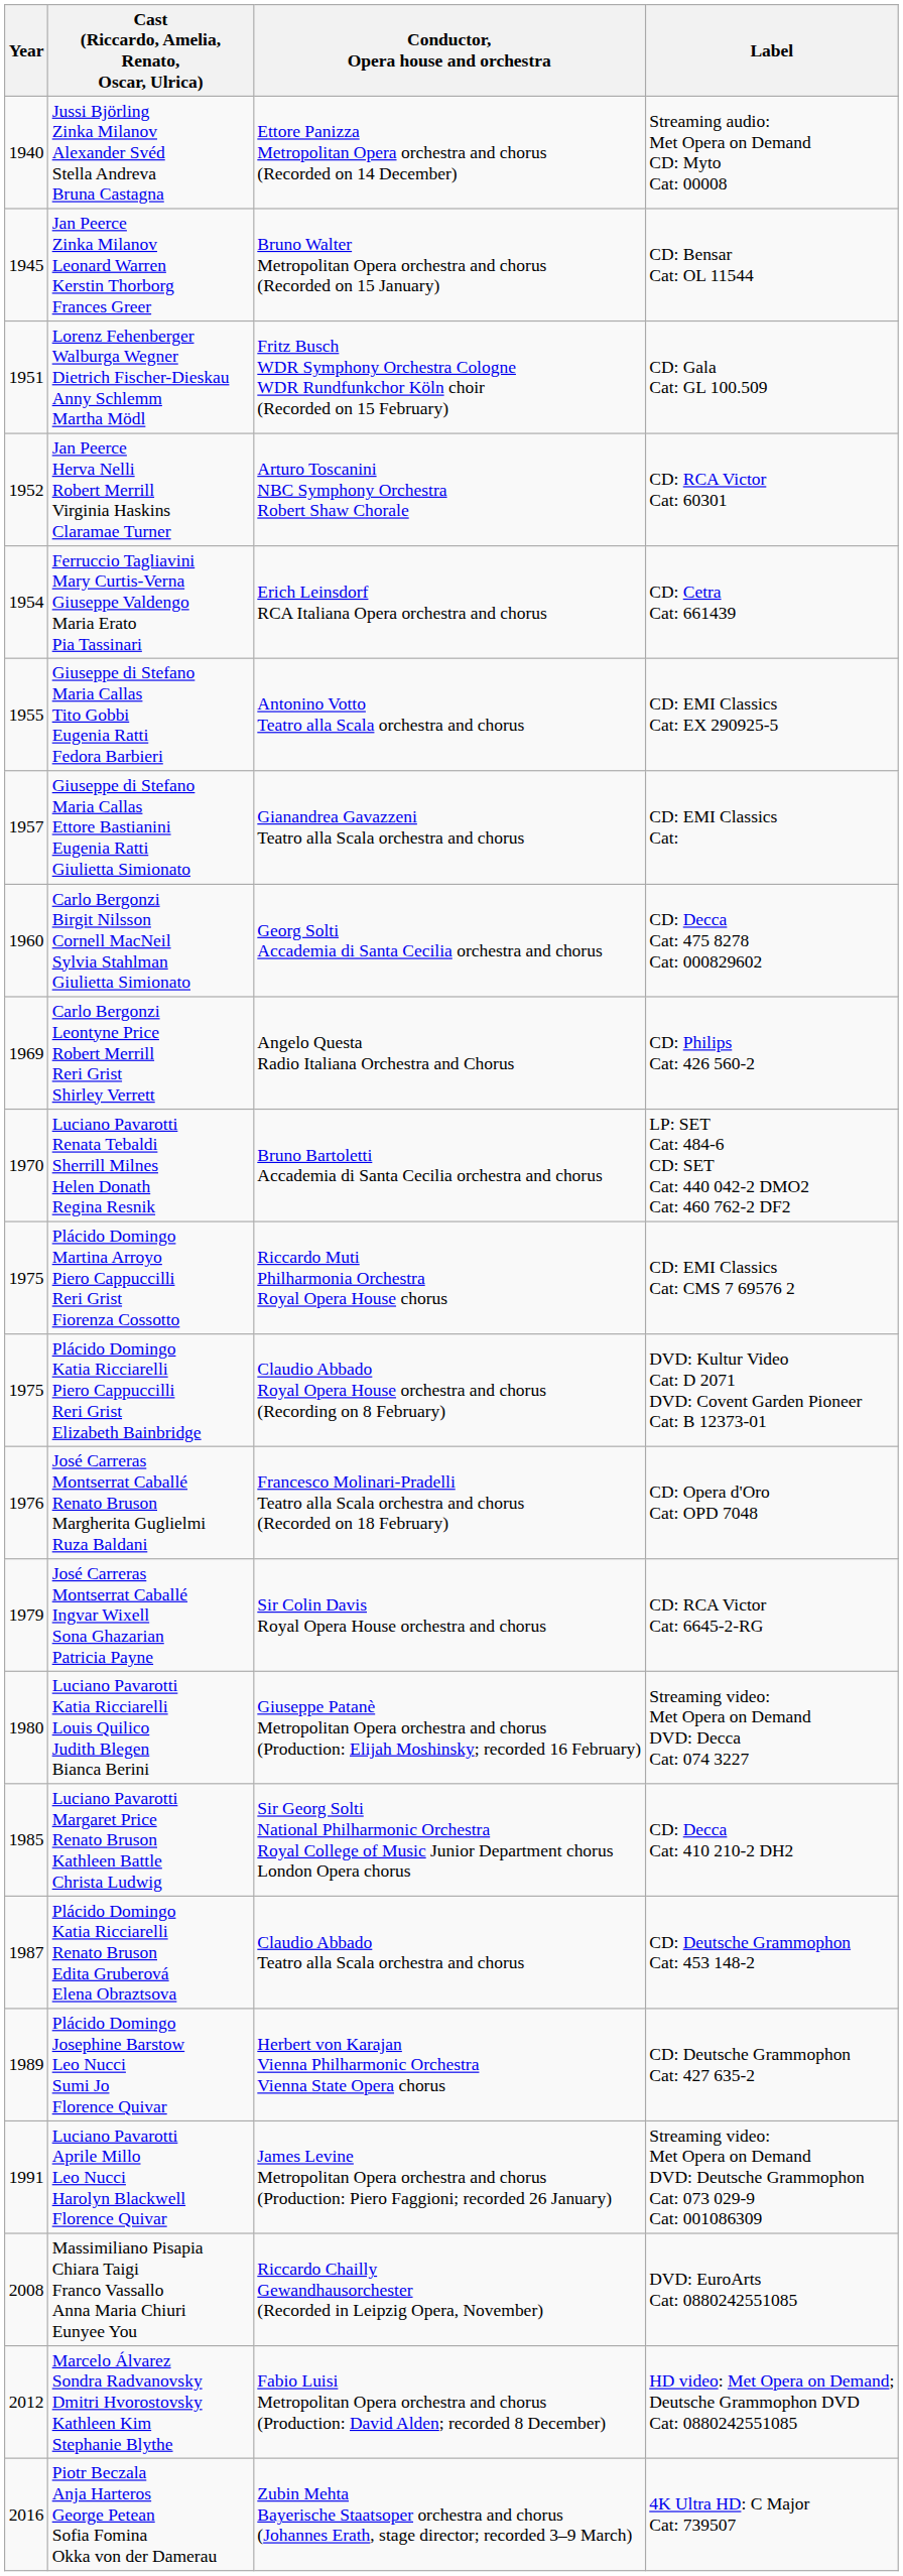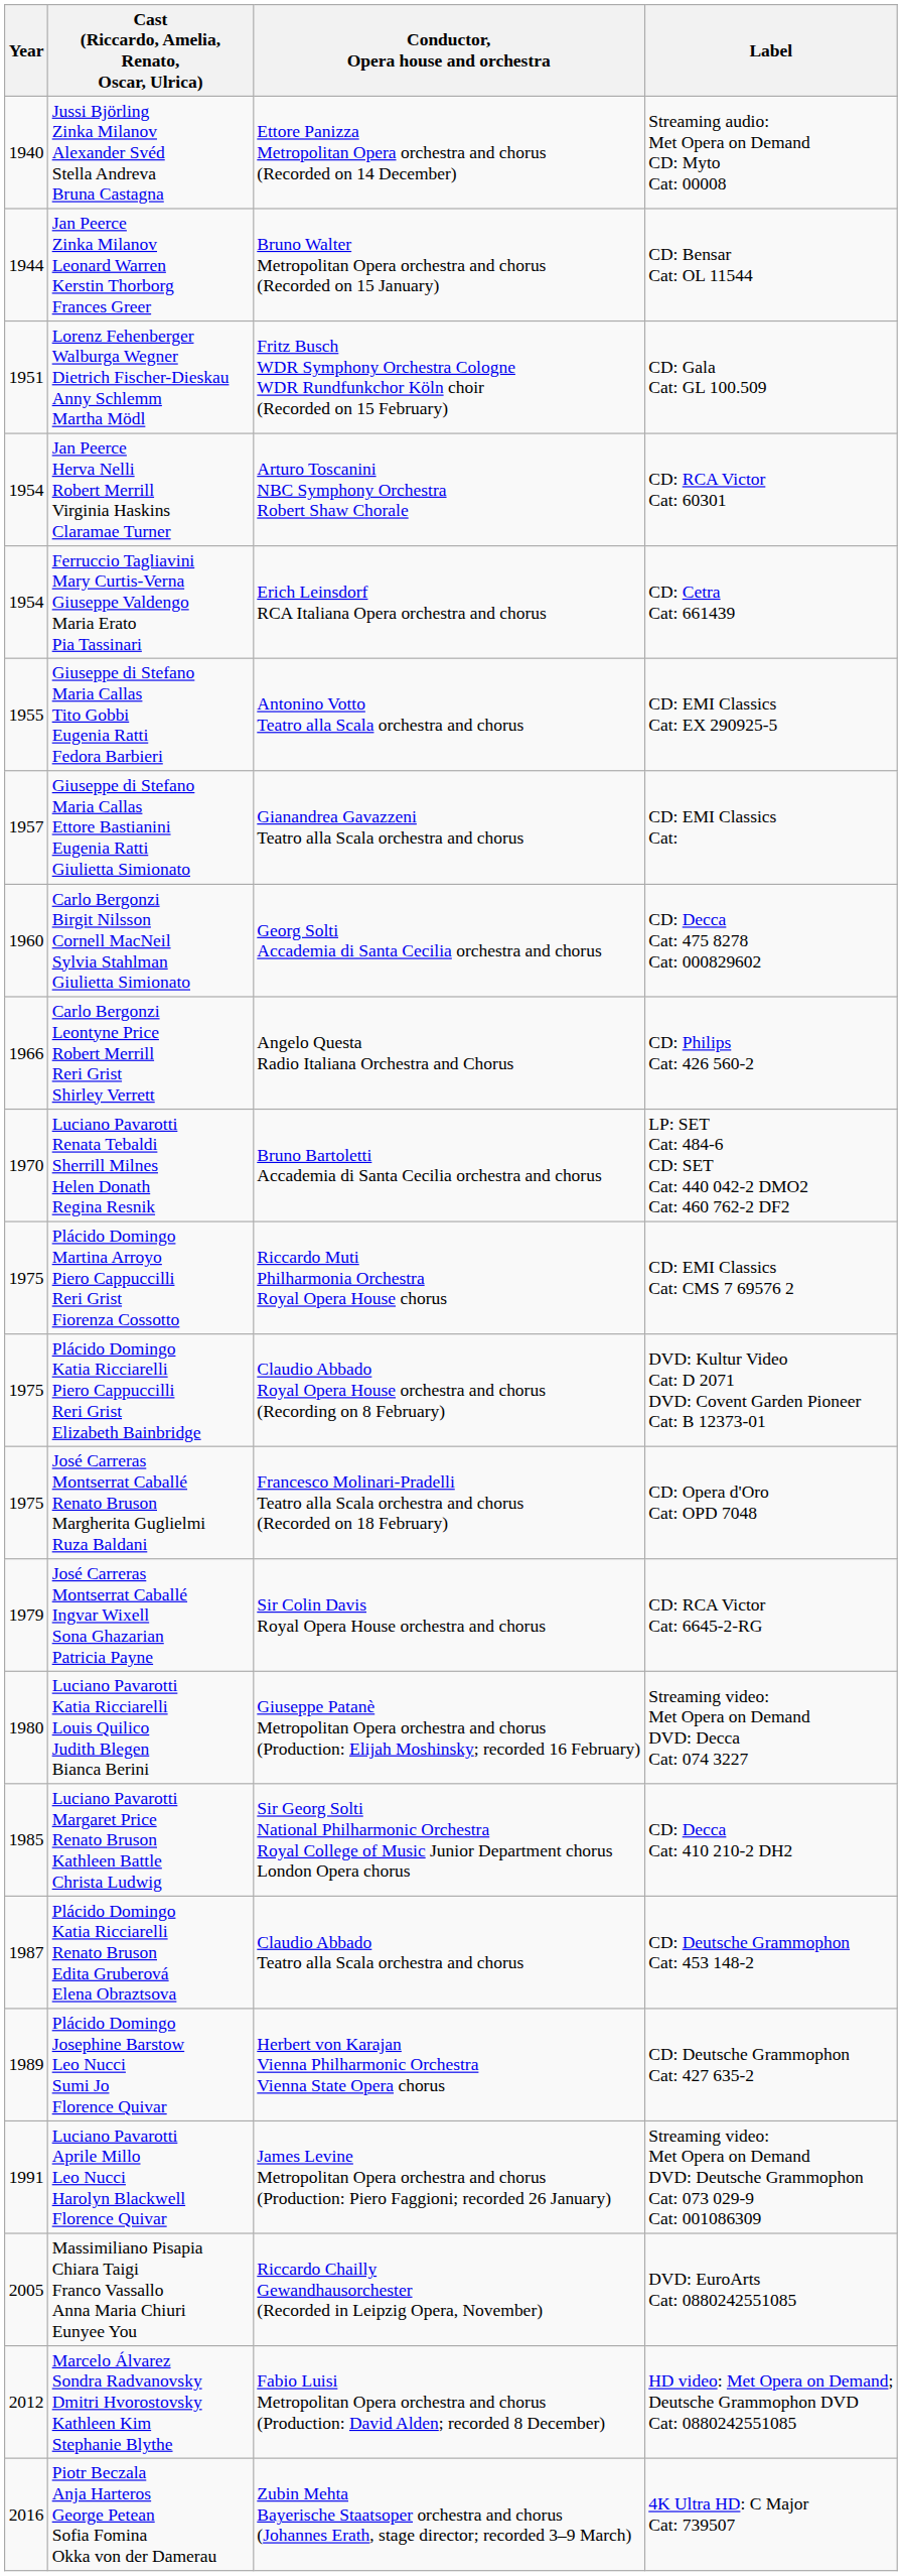 <table class="wikitable" style="font-size:95%;">
 <tr>
 <th>Year</th>
 <th width="170">Cast<br>(Riccardo, Amelia, Renato,<br>Oscar, Ulrica)</th>
 <th>Conductor,<br>Opera house and orchestra</th>
 <th>Label</th>
 </tr>
 <tr>
 <td>1940</td>
 <td><a href='#'>Jussi Björling</a><br><a href='#'>Zinka Milanov</a><br><a href='#'>Alexander Svéd</a><br>Stella Andreva<br><a href='#'>Bruna Castagna</a></td>
 <td><a href='#'>Ettore Panizza</a><br><a href='#'>Metropolitan Opera</a> orchestra and chorus<br>(Recorded on 14 December)</td>
 <td>Streaming audio:<br>Met Opera on Demand<br>CD: Myto<br>Cat: 00008</td>
 </tr>
 <tr>
-<td>1945</td>
+<td>1944</td>
 <td><a href='#'>Jan Peerce</a><br><a href='#'>Zinka Milanov</a><br><a href='#'>Leonard Warren</a><br><a href='#'>Kerstin Thorborg</a><br><a href='#'>Frances Greer</a></td>
 <td><a href='#'>Bruno Walter</a><br>Metropolitan Opera orchestra and chorus<br>(Recorded on 15 January)</td>
 <td>CD: Bensar<br>Cat: OL 11544</td>
 </tr>
 <tr>
 <td>1951</td>
 <td><a href='#'>Lorenz Fehenberger</a><br><a href='#'>Walburga Wegner</a><br><a href='#'>Dietrich Fischer-Dieskau</a><br><a href='#'>Anny Schlemm</a><br><a href='#'>Martha Mödl</a></td>
 <td><a href='#'>Fritz Busch</a><br><a href='#'>WDR Symphony Orchestra Cologne</a><br><a href='#'>WDR Rundfunkchor Köln</a> choir<br>(Recorded on 15 February)</td>
 <td>CD: Gala<br>Cat: GL 100.509</td>
 </tr>
 <tr>
-<td>1952</td>
+<td>1954</td>
 <td><a href='#'>Jan Peerce</a><br><a href='#'>Herva Nelli</a><br><a href='#'>Robert Merrill</a><br>Virginia Haskins<br><a href='#'>Claramae Turner</a></td>
 <td><a href='#'>Arturo Toscanini</a><br><a href='#'>NBC Symphony Orchestra</a><br><a href='#'>Robert Shaw Chorale</a></td>
 <td>CD: <a href='#'>RCA Victor</a><br>Cat: 60301</td>
 </tr>
 <tr>
 <td>1954</td>
 <td><a href='#'>Ferruccio Tagliavini</a><br><a href='#'>Mary Curtis-Verna</a><br><a href='#'>Giuseppe Valdengo</a><br>Maria Erato<br><a href='#'>Pia Tassinari</a></td>
 <td><a href='#'>Erich Leinsdorf</a><br>RCA Italiana Opera orchestra and chorus</td>
 <td>CD: <a href='#'>Cetra</a><br>Cat: 661439</td>
 </tr>
 <tr>
 <td>1955</td>
 <td><a href='#'>Giuseppe di Stefano</a><br><a href='#'>Maria Callas</a><br><a href='#'>Tito Gobbi</a><br><a href='#'>Eugenia Ratti</a><br><a href='#'>Fedora Barbieri</a></td>
 <td><a href='#'>Antonino Votto</a><br><a href='#'>Teatro alla Scala</a> orchestra and chorus</td>
 <td>CD: EMI Classics<br>Cat: EX 290925-5</td>
 </tr>
 <tr>
 <td>1957</td>
 <td><a href='#'>Giuseppe di Stefano</a><br><a href='#'>Maria Callas</a><br><a href='#'>Ettore Bastianini</a><br><a href='#'>Eugenia Ratti</a><br><a href='#'>Giulietta Simionato</a></td>
 <td><a href='#'>Gianandrea Gavazzeni</a><br>Teatro alla Scala orchestra and chorus</td>
 <td>CD: EMI Classics<br>Cat:</td>
 </tr>
 <tr>
 <td>1960</td>
 <td><a href='#'>Carlo Bergonzi</a><br><a href='#'>Birgit Nilsson</a><br><a href='#'>Cornell MacNeil</a><br><a href='#'>Sylvia Stahlman</a><br><a href='#'>Giulietta Simionato</a></td>
 <td><a href='#'>Georg Solti</a><br><a href='#'>Accademia di Santa Cecilia</a> orchestra and chorus</td>
 <td>CD: <a href='#'>Decca</a><br>Cat: 475 8278<br>Cat: 000829602</td>
 </tr>
 <tr>
-<td>1969</td>
+<td>1966</td>
 <td><a href='#'>Carlo Bergonzi</a><br><a href='#'>Leontyne Price</a><br><a href='#'>Robert Merrill</a><br><a href='#'>Reri Grist</a><br><a href='#'>Shirley Verrett</a></td>
 <td>Angelo Questa<br>Radio Italiana Orchestra and Chorus<br></td>
 <td>CD: <a href='#'>Philips</a><br>Cat: 426 560-2</td>
 </tr>
 <tr>
 <td>1970</td>
 <td><a href='#'>Luciano Pavarotti</a><br><a href='#'>Renata Tebaldi</a><br><a href='#'>Sherrill Milnes</a><br><a href='#'>Helen Donath</a><br><a href='#'>Regina Resnik</a></td>
 <td><a href='#'>Bruno Bartoletti</a><br>Accademia di Santa Cecilia orchestra and chorus</td>
 <td>LP: SET<br>Cat: 484-6<br>CD: SET<br>Cat: 440 042-2 DMO2<br>Cat: 460 762-2 DF2</td>
 </tr>
 <tr>
 <td>1975</td>
 <td><a href='#'>Plácido Domingo</a><br><a href='#'>Martina Arroyo</a><br> <a href='#'>Piero Cappuccilli</a><br><a href='#'>Reri Grist</a><br><a href='#'>Fiorenza Cossotto</a></td>
 <td><a href='#'>Riccardo Muti</a><br> <a href='#'>Philharmonia Orchestra</a><br><a href='#'>Royal Opera House</a> chorus</td>
 <td>CD: EMI Classics<br>Cat: CMS 7 69576 2</td>
 </tr>
 <tr>
 <td>1975</td>
 <td><a href='#'>Plácido Domingo</a><br><a href='#'>Katia Ricciarelli</a><br> <a href='#'>Piero Cappuccilli</a><br><a href='#'>Reri Grist</a><br><a href='#'>Elizabeth Bainbridge</a></td>
 <td><a href='#'>Claudio Abbado</a><br> <a href='#'>Royal Opera House</a> orchestra and chorus<br>(Recording on 8 February)</td>
 <td>DVD: Kultur Video<br>Cat: D 2071<br>DVD: Covent Garden Pioneer<br>Cat: B 12373-01</td>
 </tr>
 <tr>
-<td>1976</td>
+<td>1975</td>
 <td><a href='#'>José Carreras</a><br><a href='#'>Montserrat Caballé</a><br> <a href='#'>Renato Bruson</a><br>Margherita Guglielmi<br><a href='#'>Ruza Baldani</a></td>
 <td><a href='#'>Francesco Molinari-Pradelli</a><br>Teatro alla Scala orchestra and chorus<br> (Recorded on 18 February)</td>
 <td>CD: Opera d'Oro<br>Cat: OPD 7048</td>
 </tr>
 <tr>
 <td>1979</td>
 <td><a href='#'>José Carreras</a><br><a href='#'>Montserrat Caballé</a><br><a href='#'>Ingvar Wixell</a><br><a href='#'>Sona Ghazarian</a><br><a href='#'>Patricia Payne</a></td>
 <td><a href='#'>Sir Colin Davis</a><br>Royal Opera House orchestra and chorus</td>
 <td>CD: RCA Victor<br>Cat: 6645-2-RG</td>
 </tr>
 <tr>
 <td>1980</td>
 <td><a href='#'>Luciano Pavarotti</a><br><a href='#'>Katia Ricciarelli</a><br> <a href='#'>Louis Quilico</a><br><a href='#'>Judith Blegen</a><br>Bianca Berini</td>
 <td><a href='#'>Giuseppe Patanè</a><br>Metropolitan Opera orchestra and chorus<br>(Production: <a href='#'>Elijah Moshinsky</a>; recorded 16 February)</td>
 <td>Streaming video:<br>Met Opera on Demand<br>DVD: Decca<br>Cat: 074 3227</td>
 </tr>
 <tr>
 <td>1985</td>
 <td><a href='#'>Luciano Pavarotti</a><br><a href='#'>Margaret Price</a><br> <a href='#'>Renato Bruson</a><br><a href='#'>Kathleen Battle</a><br><a href='#'>Christa Ludwig</a></td>
 <td><a href='#'>Sir Georg Solti</a><br><a href='#'>National Philharmonic Orchestra</a><br><a href='#'>Royal College of Music</a> Junior Department chorus<br>London Opera chorus</td>
 <td>CD: <a href='#'>Decca</a><br>Cat: 410 210-2 DH2</td>
 </tr>
 <tr>
 <td>1987</td>
 <td><a href='#'>Plácido Domingo</a><br><a href='#'>Katia Ricciarelli</a><br> <a href='#'>Renato Bruson</a><br><a href='#'>Edita Gruberová</a><br><a href='#'>Elena Obraztsova</a></td>
 <td><a href='#'>Claudio Abbado</a><br>Teatro alla Scala orchestra and chorus</td>
 <td>CD: <a href='#'>Deutsche Grammophon</a><br>Cat: 453 148-2</td>
 </tr>
 <tr>
 <td>1989</td>
 <td><a href='#'>Plácido Domingo</a><br><a href='#'>Josephine Barstow</a><br><a href='#'>Leo Nucci</a><br><a href='#'>Sumi Jo</a><br><a href='#'>Florence Quivar</a></td>
 <td><a href='#'>Herbert von Karajan</a><br><a href='#'>Vienna Philharmonic Orchestra</a><br><a href='#'>Vienna State Opera</a> chorus</td>
 <td>CD: Deutsche Grammophon<br>Cat: 427 635-2</td>
 </tr>
 <tr>
 <td>1991</td>
 <td><a href='#'>Luciano Pavarotti</a><br><a href='#'>Aprile Millo</a><br><a href='#'>Leo Nucci</a><br><a href='#'>Harolyn Blackwell</a><br><a href='#'>Florence Quivar</a></td>
 <td><a href='#'>James Levine</a><br>Metropolitan Opera orchestra and chorus<br>(Production: Piero Faggioni; recorded 26 January)</td>
 <td>Streaming video:<br>Met Opera on Demand<br>DVD: Deutsche Grammophon<br>Cat: 073 029-9<br>Cat: 001086309</td>
 </tr>
 <tr>
-<td>2008</td>
+<td>2005</td>
 <td>Massimiliano Pisapia<br>Chiara Taigi<br>Franco Vassallo<br>Anna Maria Chiuri<br>Eunyee You</td>
 <td><a href='#'>Riccardo Chailly</a><br><a href='#'>Gewandhausorchester</a><br>(Recorded in Leipzig Opera, November)</td>
 <td>DVD: EuroArts<br>Cat: 0880242551085</td>
 </tr>
 <tr>
 <td>2012</td>
 <td><a href='#'>Marcelo Álvarez</a><br><a href='#'>Sondra Radvanovsky</a><br><a href='#'>Dmitri Hvorostovsky</a><br><a href='#'>Kathleen Kim</a><br><a href='#'>Stephanie Blythe</a></td>
 <td><a href='#'>Fabio Luisi</a><br>Metropolitan Opera orchestra and chorus<br>(Production: <a href='#'>David Alden</a>; recorded 8 December)</td>
 <td><a href='#'>HD video</a>: <a href='#'>Met Opera on Demand</a>;<br>Deutsche Grammophon DVD<br>Cat: 0880242551085</td>
 </tr>
 <tr>
 <td>2016</td>
 <td><a href='#'>Piotr Beczala</a><br><a href='#'>Anja Harteros</a><br><a href='#'>George Petean</a><br>Sofia Fomina<br>Okka von der Damerau</td>
 <td><a href='#'>Zubin Mehta</a><br><a href='#'>Bayerische Staatsoper</a> orchestra and chorus<br>(<a href='#'>Johannes Erath</a>, stage director; recorded 3–9 March)</td>
 <td><a href='#'>4K Ultra HD</a>: C Major<br>Cat: 739507</td>
 </tr>
 </table>
